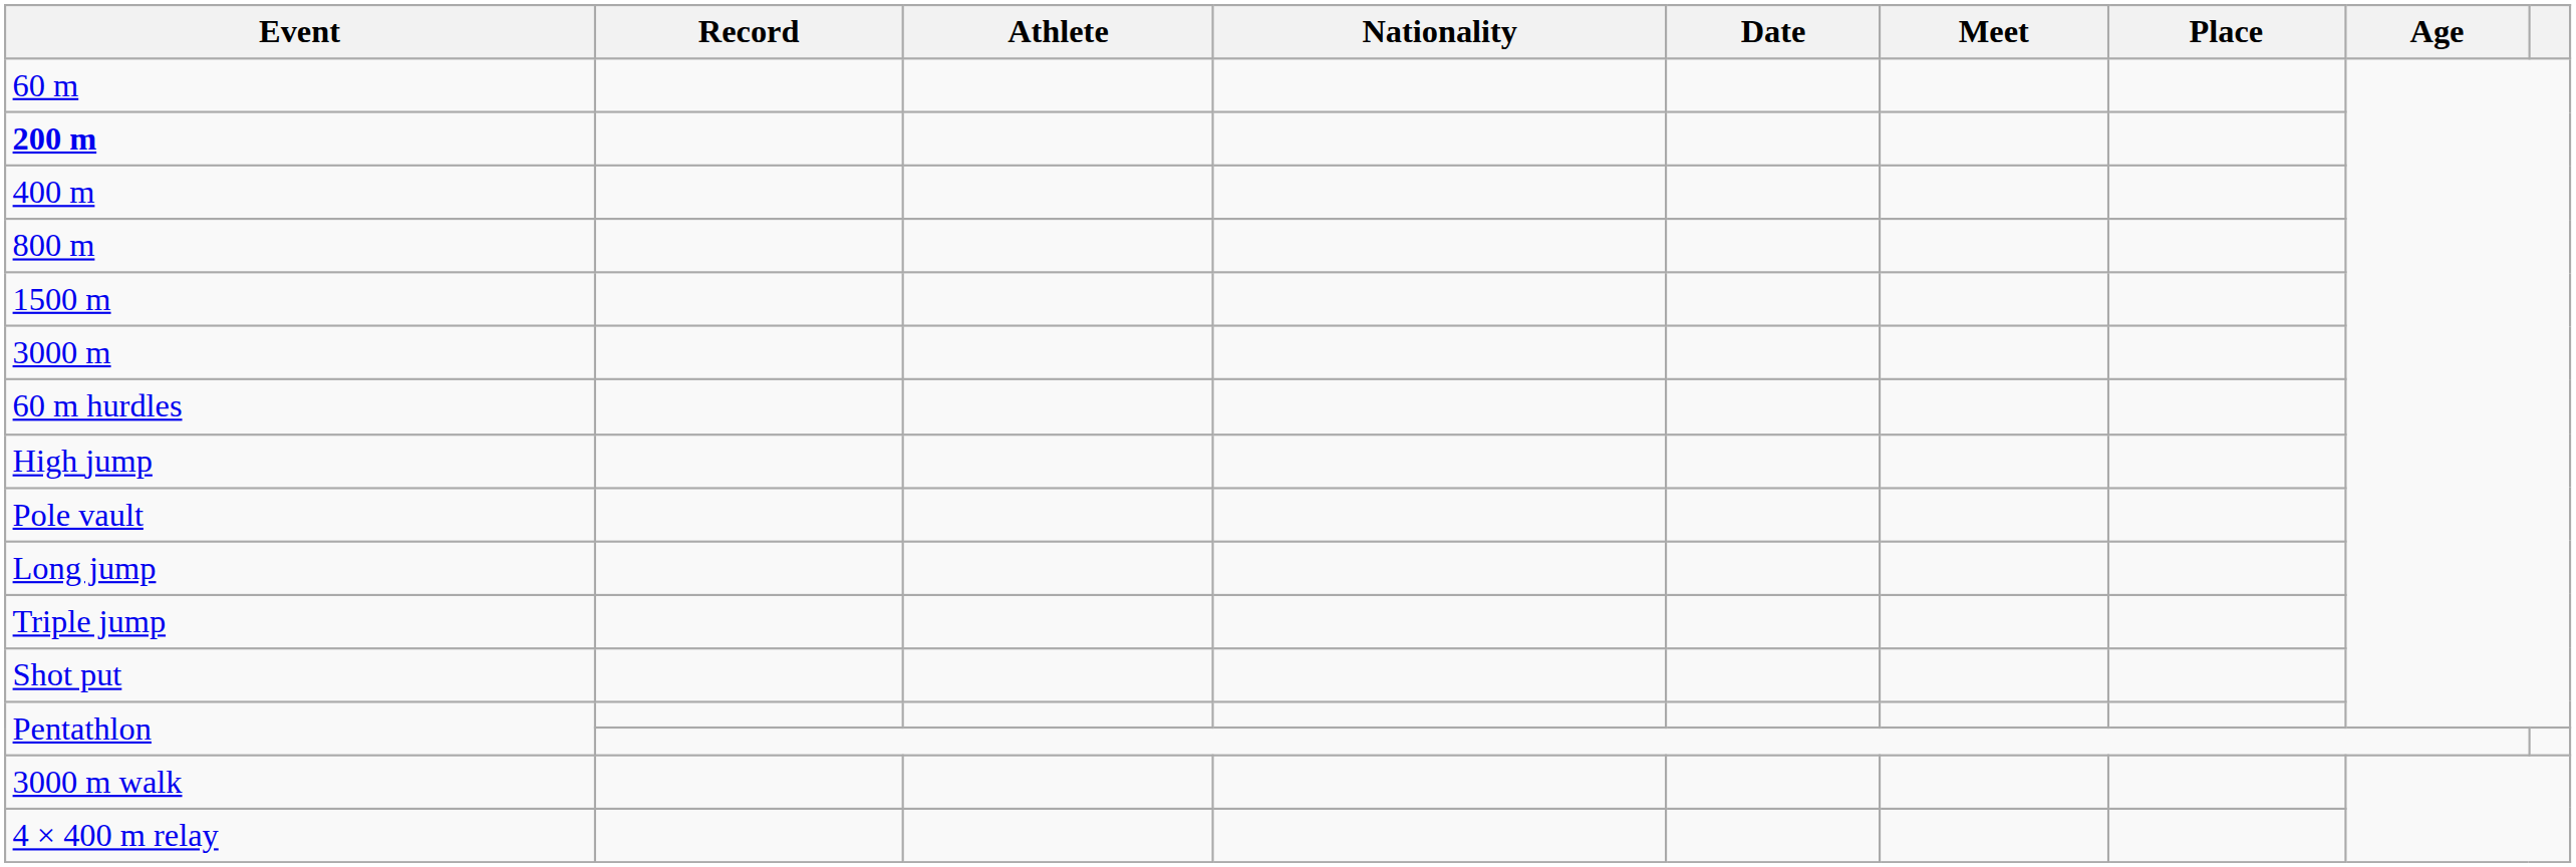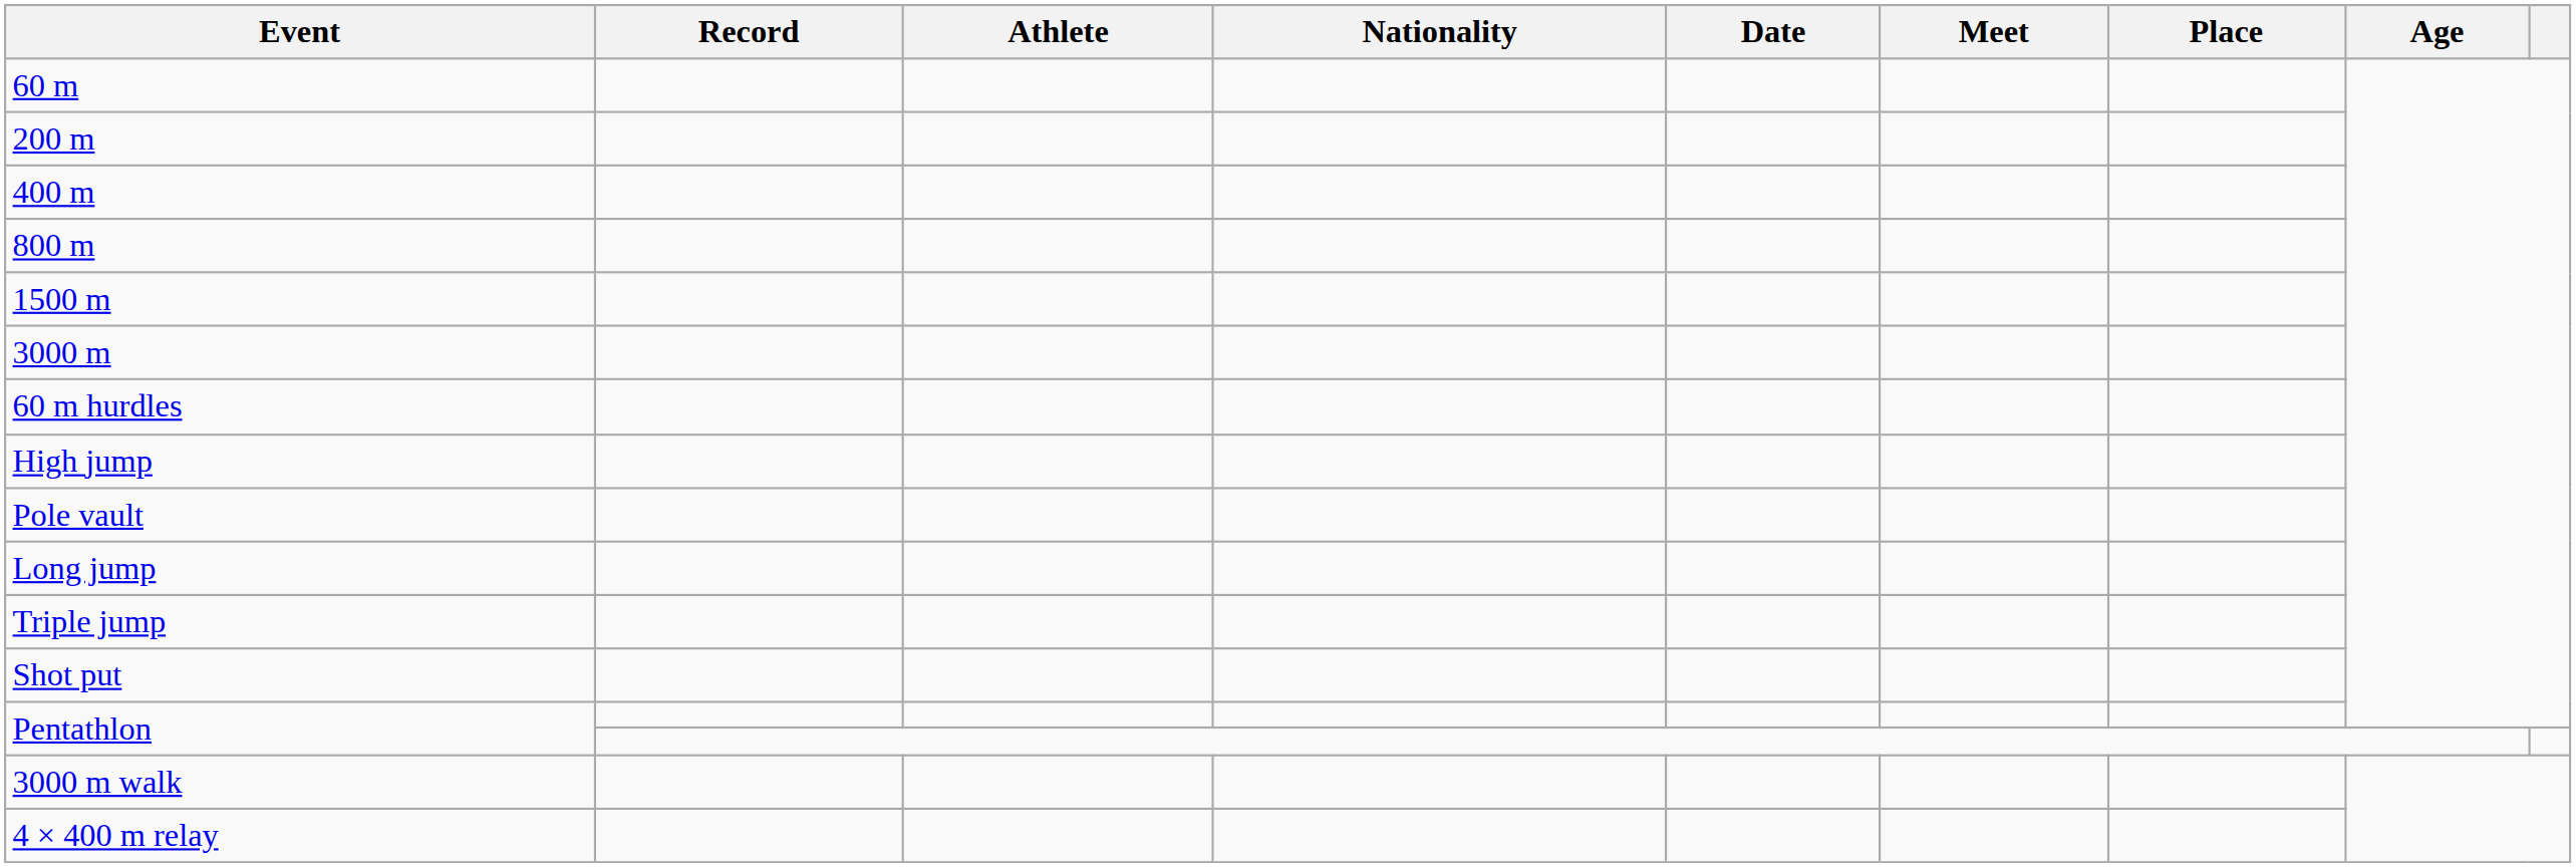 <table class="wikitable" style="font-size:95%; width: 95%;">
 <tr>
 <th>Event</th>
 <th>Record</th>
 <th>Athlete</th>
 <th>Nationality</th>
 <th>Date</th>
 <th>Meet</th>
 <th>Place</th>
 <th>Age</th>
 <th></th>
 </tr>
 <tr>
 <td><a href='#'>60 m</a></td>
 <td></td>
 <td></td>
 <td></td>
 <td></td>
 <td></td>
 <td></td>
 </tr>
 <tr>
-<td><strong><a href='#'>200 m</a></strong></td>
+<td><a href='#'>200 m</a></td>
 <td></td>
 <td></td>
 <td></td>
 <td></td>
 <td></td>
 <td></td>
 </tr>
 <tr>
 <td><a href='#'>400 m</a></td>
 <td></td>
 <td></td>
 <td></td>
 <td></td>
 <td></td>
 <td></td>
 </tr>
 <tr>
 <td><a href='#'>800 m</a></td>
 <td></td>
 <td></td>
 <td></td>
 <td></td>
 <td></td>
 <td></td>
 </tr>
 <tr>
 <td><a href='#'>1500 m</a></td>
 <td></td>
 <td></td>
 <td></td>
 <td></td>
 <td></td>
 <td></td>
 </tr>
 <tr>
 <td><a href='#'>3000 m</a></td>
 <td></td>
 <td></td>
 <td></td>
 <td></td>
 <td></td>
 <td></td>
 </tr>
 <tr>
 <td><a href='#'>60 m hurdles</a></td>
 <td></td>
 <td></td>
 <td></td>
 <td></td>
 <td></td>
 <td></td>
 </tr>
 <tr>
 <td><a href='#'>High jump</a></td>
 <td></td>
 <td></td>
 <td></td>
 <td></td>
 <td></td>
 <td></td>
 </tr>
 <tr>
 <td><a href='#'>Pole vault</a></td>
 <td></td>
 <td></td>
 <td></td>
 <td></td>
 <td></td>
 <td></td>
 </tr>
 <tr>
 <td><a href='#'>Long jump</a></td>
 <td></td>
 <td></td>
 <td></td>
 <td></td>
 <td></td>
 <td></td>
 </tr>
 <tr>
 <td><a href='#'>Triple jump</a></td>
 <td></td>
 <td></td>
 <td></td>
 <td></td>
 <td></td>
 <td></td>
 </tr>
 <tr>
 <td><a href='#'>Shot put</a></td>
 <td></td>
 <td></td>
 <td></td>
 <td></td>
 <td></td>
 <td></td>
 </tr>
 <tr>
 <td rowspan=2><a href='#'>Pentathlon</a></td>
 <td></td>
 <td></td>
 <td></td>
 <td></td>
 <td></td>
 <td></td>
 </tr>
 <tr>
 <td colspan=7></td>
 <td></td>
 </tr>
 <tr>
 <td><a href='#'>3000 m walk</a></td>
 <td></td>
 <td></td>
 <td></td>
 <td></td>
 <td></td>
 <td></td>
 </tr>
 <tr>
 <td><a href='#'>4 × 400 m relay</a></td>
 <td></td>
 <td></td>
 <td></td>
 <td></td>
 <td></td>
 <td></td>
 </tr>
 </table>
